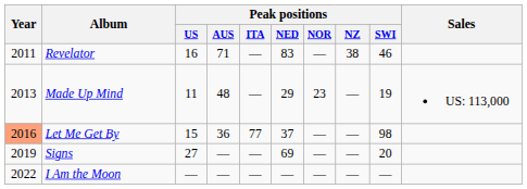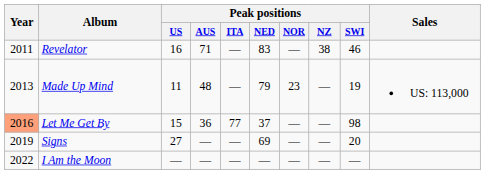 <table class="wikitable">
 <tr>
 <th rowspan="2" style="text-align:center; width:2.5em;">Year</th>
 <th rowspan="2" style="text-align:center; width:10em;">Album</th>
 <th colspan="7" style="text-align:center;">Peak positions</th>
 <th rowspan="2" style="text-align:center; width:9em;">Sales</th>
 </tr>
 <tr>
 <th scope="col" style="width:2.5em;font-size:85%;"><a href='#'>US</a><br></th>
 <th scope="col" style="width:2.5em;font-size:85%;"><a href='#'>AUS</a><br></th>
 <th scope="col" style="width:2.5em;font-size:85%;"><a href='#'>ITA</a><br></th>
 <th scope="col" style="width:2.5em;font-size:85%;"><a href='#'>NED</a><br></th>
 <th scope="col" style="width:2.5em;font-size:85%;"><a href='#'>NOR</a><br></th>
 <th scope="col" style="width:2.5em;font-size:90%;"><a href='#'>NZ</a><br></th>
 <th scope="col" style="width:2.5em;font-size:85%;"><a href='#'>SWI</a><br></th>
 </tr>
 <tr>
 <td style="text-align:center;">2011</td>
 <td><em><a href='#'>Revelator</a></em></td>
 <td style="text-align:center;">16</td>
 <td style="text-align:center;">71</td>
 <td style="text-align:center;">—</td>
 <td style="text-align:center;">83</td>
 <td style="text-align:center;">—</td>
 <td style="text-align:center;">38</td>
 <td style="text-align:center;">46</td>
 <td style="text-align:center;"></td>
 </tr>
 <tr>
 <td style="text-align:center;">2013</td>
 <td><em><a href='#'>Made Up Mind</a></em></td>
 <td style="text-align:center;">11</td>
 <td style="text-align:center;">48</td>
 <td style="text-align:center;">—</td>
-<td style="text-align:center;">29</td>
+<td style="text-align:center;">79</td>
 <td style="text-align:center;">23</td>
 <td style="text-align:center;">—</td>
 <td style="text-align:center;">19</td>
 <td style="text-align:center;"><br><ul><li>US: 113,000</li></ul></td>
 </tr>
 <tr>
 <td style="background: lightsalmon; text-align:center;">2016</td>
 <td><em><a href='#'>Let Me Get By</a></em></td>
 <td style="text-align:center;">15</td>
 <td style="text-align:center;">36</td>
 <td style="text-align:center;">77</td>
 <td style="text-align:center;">37</td>
 <td style="text-align:center;">—</td>
 <td style="text-align:center;">—</td>
 <td style="text-align:center;">98</td>
 <td style="text-align:center;"></td>
 </tr>
 <tr>
 <td style="text-align:center;">2019</td>
 <td><em><a href='#'>Signs</a></em></td>
 <td style="text-align:center;">27</td>
 <td style="text-align:center;">—</td>
 <td style="text-align:center;">—</td>
 <td style="text-align:center;">69</td>
 <td style="text-align:center;">—</td>
 <td style="text-align:center;">—</td>
 <td style="text-align:center;">20</td>
 <td style="text-align:center;"></td>
 </tr>
 <tr>
 <td style="text-align:center;">2022</td>
 <td><em><a href='#'>I Am the Moon</a></em></td>
 <td style="text-align:center;">—</td>
 <td style="text-align:center;">—</td>
 <td style="text-align:center;">—</td>
 <td style="text-align:center;">—</td>
 <td style="text-align:center;">—</td>
 <td style="text-align:center;">—</td>
 <td style="text-align:center;">—</td>
 <td style="text-align:center;"></td>
 </tr>
 </table>
